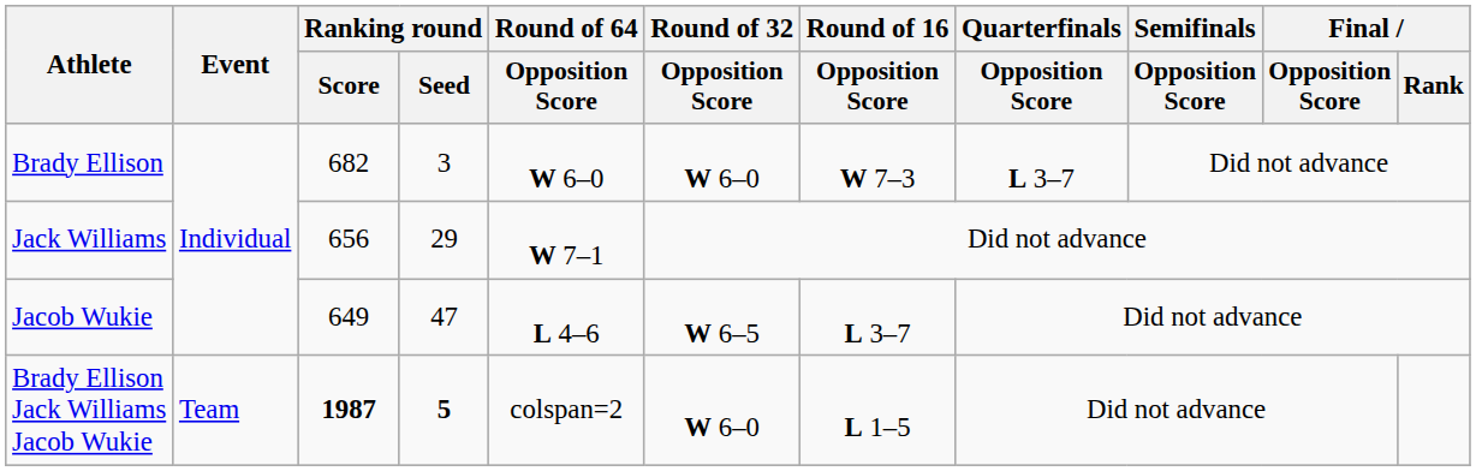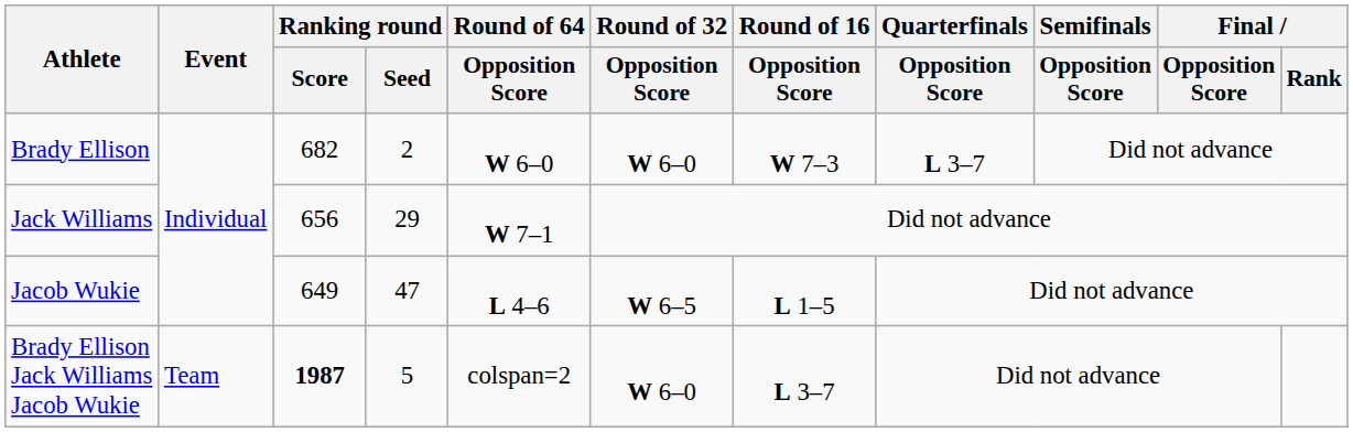 <table class=wikitable style=font-size:90%;text-align:center>
 <tr>
 <th rowspan=2>Athlete</th>
 <th rowspan=2>Event</th>
 <th colspan=2>Ranking round</th>
 <th>Round of 64</th>
 <th>Round of 32</th>
 <th>Round of 16</th>
 <th>Quarterfinals</th>
 <th>Semifinals</th>
 <th colspan=2>Final / </th>
 </tr>
 <tr style=font-size:95%>
 <th>Score</th>
 <th>Seed</th>
 <th>Opposition<br>Score</th>
 <th>Opposition<br>Score</th>
 <th>Opposition<br>Score</th>
 <th>Opposition<br>Score</th>
 <th>Opposition<br>Score</th>
 <th>Opposition<br>Score</th>
 <th>Rank</th>
 </tr>
 <tr>
 <td align=left><a href='#'>Brady Ellison</a></td>
 <td align=left rowspan=3><a href='#'>Individual</a></td>
 <td>682</td>
-<td>3</td>
+<td>2</td>
 <td><br><strong>W</strong> 6–0</td>
 <td><br><strong>W</strong> 6–0</td>
 <td><br><strong>W</strong> 7–3</td>
 <td><br><strong>L</strong> 3–7</td>
 <td colspan=3>Did not advance</td>
 </tr>
 <tr>
 <td align=left><a href='#'>Jack Williams</a></td>
 <td>656</td>
 <td>29</td>
 <td><br><strong>W</strong> 7–1</td>
 <td colspan=6>Did not advance</td>
 </tr>
 <tr>
 <td align=left><a href='#'>Jacob Wukie</a></td>
 <td>649</td>
 <td>47</td>
 <td><br><strong>L</strong> 4–6</td>
 <td><br><strong>W</strong> 6–5</td>
-<td><br><strong>L</strong> 3–7</td>
+<td><br><strong>L</strong> 1–5</td>
 <td colspan=4>Did not advance</td>
 </tr>
 <tr>
 <td align=left><a href='#'>Brady Ellison</a><br><a href='#'>Jack Williams</a><br><a href='#'>Jacob Wukie</a></td>
 <td align=left><a href='#'>Team</a></td>
 <td><strong>1987</strong></td>
-<td><strong>5</strong></td>
+<td>5</td>
 <td>colspan=2 </td>
 <td><br><strong>W</strong> 6–0</td>
-<td><br><strong>L</strong> 1–5</td>
+<td><br><strong>L</strong> 3–7</td>
 <td colspan=3>Did not advance</td>
 </tr>
 </table>
